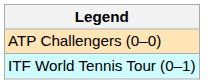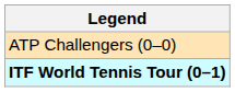 <table class=wikitable style=font-size:97%>
 <tr>
 <th>Legend</th>
 </tr>
 <tr style="background:moccasin;">
 <td>ATP Challengers (0–0)</td>
 </tr>
 <tr style="background:#cffcff;">
-<td>ITF World Tennis Tour (0–1)</td>
+<td><strong>ITF World Tennis Tour (0–1)</strong></td>
 </tr>
 </table>
